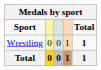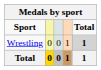 <table class="wikitable" style="font-size:95%; float: right;">
 <tr style="background:#efefef;">
 <th colspan=5>Medals by sport</th>
 </tr>
 <tr align=center>
 <td><strong>Sport</strong></td>
 <td bgcolor=#f7f6a8></td>
 <td bgcolor=#dce5e5></td>
 <td bgcolor=#ffdab9></td>
 <td><strong>Total</strong></td>
 </tr>
 <tr align=center>
 <td><a href='#'>Wrestling</a></td>
 <td style="background:#F7F6A8;">0</td>
 <td style="background:#DCE5E5;">0</td>
 <td style="background:#FFDAB9;">1</td>
-<td><strong>1</strong></td>
+<td style="background: lightgrey;"><strong>1</strong></td>
 </tr>
 <tr align=center>
 <th>Total</th>
 <th style="background:gold;">0</th>
 <th style="background:silver;">0</th>
 <th style="background:#c96;">1</th>
 <th>1</th>
 </tr>
 </table>
